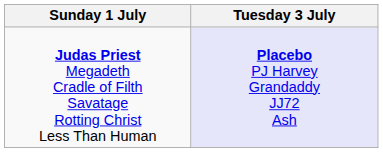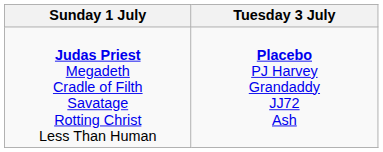 <table class="wikitable">
 <tr>
 <th>Sunday 1 July</th>
 <th>Tuesday 3 July</th>
 </tr>
 <tr>
 <td valign="top" align="center" width=200><br><strong><a href='#'>Judas Priest</a></strong> <br><a href='#'>Megadeth</a> <br><a href='#'>Cradle of Filth</a> <br><a href='#'>Savatage</a> <br><a href='#'>Rotting Christ</a> <br>Less Than Human</td>
-<td valign="top" align="center" width=200 style="background: lavender;"><br><strong><a href='#'>Placebo</a></strong> <br><a href='#'>PJ Harvey</a> <br><a href='#'>Grandaddy</a> <br><a href='#'>JJ72</a> <br><a href='#'>Ash</a></td>
+<td valign="top" align="center" width=200><br><strong><a href='#'>Placebo</a></strong> <br><a href='#'>PJ Harvey</a> <br><a href='#'>Grandaddy</a> <br><a href='#'>JJ72</a> <br><a href='#'>Ash</a></td>
 </tr>
 </table>
